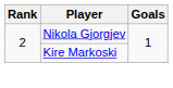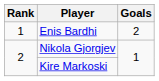 <table class="wikitable">
 <tr>
 <th>Rank</th>
 <th>Player</th>
 <th>Goals</th>
+</tr>
+<tr>
+<td align=center rowspan=1>1</td>
+<td><a href='#'>Enis Bardhi</a></td>
+<td align=center>2</td>
 </tr>
 <tr>
 <td align=center rowspan=2>2</td>
 <td><a href='#'>Nikola Gjorgjev</a></td>
 <td align=center rowspan=2>1</td>
 </tr>
 <tr>
 <td><a href='#'>Kire Markoski</a></td>
 </tr>
 </table>
